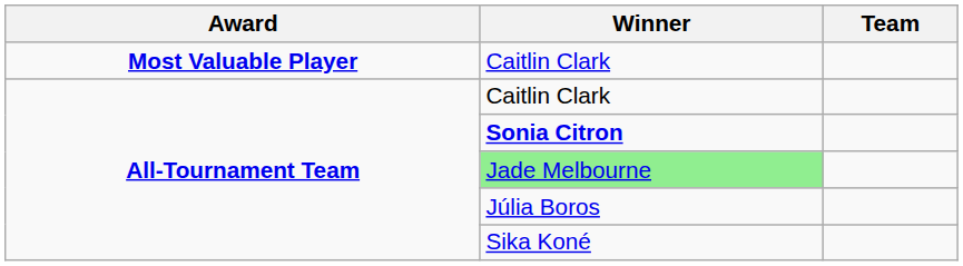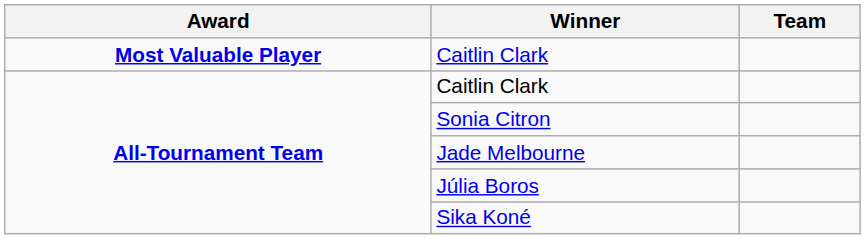 <table class="wikitable" style="width: 30%; text-align:center; font-size:90%">
 <tr>
 <th>Award</th>
 <th>Winner</th>
 <th>Team</th>
 </tr>
 <tr>
 <td><strong><a href='#'>Most Valuable Player</a></strong></td>
 <td align=left><a href='#'>Caitlin Clark</a></td>
 <td align=left></td>
 </tr>
 <tr>
 <td rowspan=5><strong><a href='#'>All-Tournament Team</a></strong></td>
 <td align=left>Caitlin Clark</td>
 <td align=left></td>
 </tr>
 <tr>
-<td align=left><strong><a href='#'>Sonia Citron</a></strong></td>
+<td align=left><a href='#'>Sonia Citron</a></td>
 <td align=left></td>
 </tr>
 <tr>
-<td align=left style="background: lightgreen;"><a href='#'>Jade Melbourne</a></td>
+<td align=left><a href='#'>Jade Melbourne</a></td>
 <td align=left></td>
 </tr>
 <tr>
 <td align=left><a href='#'>Júlia Boros</a></td>
 <td align=left></td>
 </tr>
 <tr>
 <td align=left><a href='#'>Sika Koné</a></td>
 <td align=left></td>
 </tr>
 </table>
